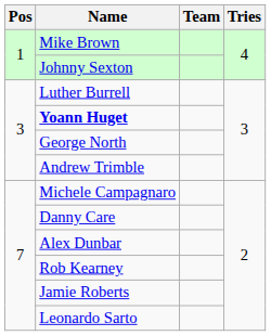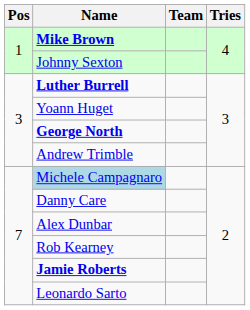 <table class="wikitable" style="text-align:center">
 <tr>
 <th>Pos</th>
 <th>Name</th>
 <th>Team</th>
 <th>Tries</th>
 </tr>
 <tr style="background:#d0ffd0">
 <td rowspan=2>1</td>
-<td align="left"><a href='#'>Mike Brown</a></td>
+<td align="left"><strong><a href='#'>Mike Brown</a></strong></td>
 <td align="left"></td>
 <td rowspan=2>4</td>
 </tr>
 <tr style="background:#d0ffd0">
 <td align="left"><a href='#'>Johnny Sexton</a></td>
 <td align="left"></td>
 </tr>
 <tr>
 <td rowspan=4>3</td>
-<td align="left"><a href='#'>Luther Burrell</a></td>
+<td align="left"><strong><a href='#'>Luther Burrell</a></strong></td>
 <td align="left"></td>
 <td rowspan=4>3</td>
 </tr>
 <tr>
-<td align="left"><strong><a href='#'>Yoann Huget</a></strong></td>
+<td align="left"><a href='#'>Yoann Huget</a></td>
 <td align="left"></td>
 </tr>
 <tr>
-<td align="left"><a href='#'>George North</a></td>
+<td align="left"><strong><a href='#'>George North</a></strong></td>
 <td align="left"></td>
 </tr>
 <tr>
 <td align="left"><a href='#'>Andrew Trimble</a></td>
 <td align="left"></td>
 </tr>
 <tr>
 <td rowspan=6>7</td>
-<td align="left"><a href='#'>Michele Campagnaro</a></td>
+<td align="left" style="background: lightblue;"><a href='#'>Michele Campagnaro</a></td>
 <td align="left"></td>
 <td rowspan=6>2</td>
 </tr>
 <tr>
 <td align="left"><a href='#'>Danny Care</a></td>
 <td align="left"></td>
 </tr>
 <tr>
 <td align="left"><a href='#'>Alex Dunbar</a></td>
 <td align="left"></td>
 </tr>
 <tr>
 <td align="left"><a href='#'>Rob Kearney</a></td>
 <td align="left"></td>
 </tr>
 <tr>
-<td align="left"><a href='#'>Jamie Roberts</a></td>
+<td align="left"><strong><a href='#'>Jamie Roberts</a></strong></td>
 <td align="left"></td>
 </tr>
 <tr>
 <td align="left"><a href='#'>Leonardo Sarto</a></td>
 <td align="left"></td>
 </tr>
 </table>
